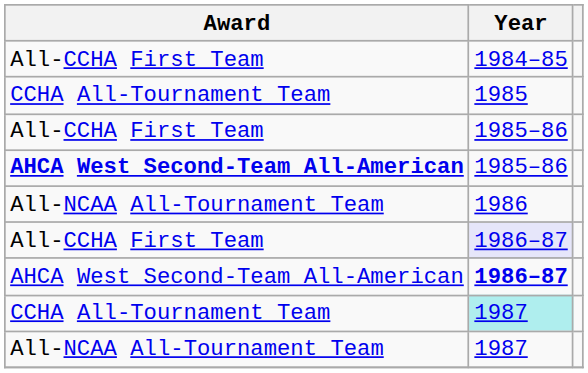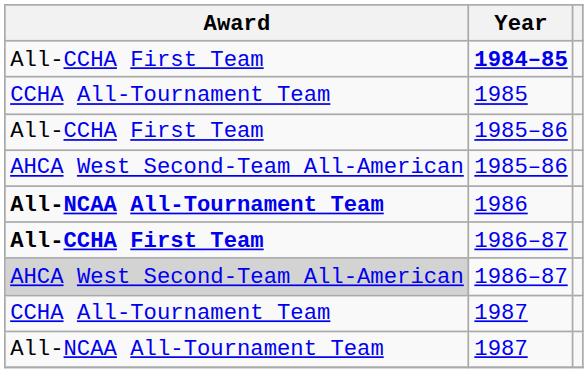 <table class="wikitable">
 <tr>
 <th>Award</th>
 <th>Year</th>
 <th></th>
 </tr>
 <tr>
 <td>All-<a href='#'>CCHA</a> <a href='#'>First Team</a></td>
-<td><a href='#'>1984–85</a></td>
+<td><strong><a href='#'>1984–85</a></strong></td>
 <td></td>
 </tr>
 <tr>
 <td><a href='#'>CCHA</a> <a href='#'>All-Tournament Team</a></td>
 <td><a href='#'>1985</a></td>
 <td></td>
 </tr>
 <tr>
 <td>All-<a href='#'>CCHA</a> <a href='#'>First Team</a></td>
 <td><a href='#'>1985–86</a></td>
 <td></td>
 </tr>
 <tr>
-<td><strong><a href='#'>AHCA</a> <a href='#'>West Second-Team All-American</a></strong></td>
+<td><a href='#'>AHCA</a> <a href='#'>West Second-Team All-American</a></td>
 <td><a href='#'>1985–86</a></td>
 <td></td>
 </tr>
 <tr>
-<td>All-<a href='#'>NCAA</a> <a href='#'>All-Tournament Team</a></td>
+<td><strong>All-<a href='#'>NCAA</a> <a href='#'>All-Tournament Team</a></strong></td>
 <td><a href='#'>1986</a></td>
 <td></td>
 </tr>
 <tr>
-<td>All-<a href='#'>CCHA</a> <a href='#'>First Team</a></td>
-<td style="background: lavender;"><a href='#'>1986–87</a></td>
+<td><strong>All-<a href='#'>CCHA</a> <a href='#'>First Team</a></strong></td>
+<td><a href='#'>1986–87</a></td>
 <td></td>
 </tr>
 <tr>
-<td><a href='#'>AHCA</a> <a href='#'>West Second-Team All-American</a></td>
-<td><strong><a href='#'>1986–87</a></strong></td>
+<td style="background: lightgrey;"><a href='#'>AHCA</a> <a href='#'>West Second-Team All-American</a></td>
+<td><a href='#'>1986–87</a></td>
 <td></td>
 </tr>
 <tr>
 <td><a href='#'>CCHA</a> <a href='#'>All-Tournament Team</a></td>
-<td style="background: paleturquoise;"><a href='#'>1987</a></td>
+<td><a href='#'>1987</a></td>
 <td></td>
 </tr>
 <tr>
 <td>All-<a href='#'>NCAA</a> <a href='#'>All-Tournament Team</a></td>
 <td><a href='#'>1987</a></td>
 <td></td>
 </tr>
 <tr>
 </tr>
 </table>
